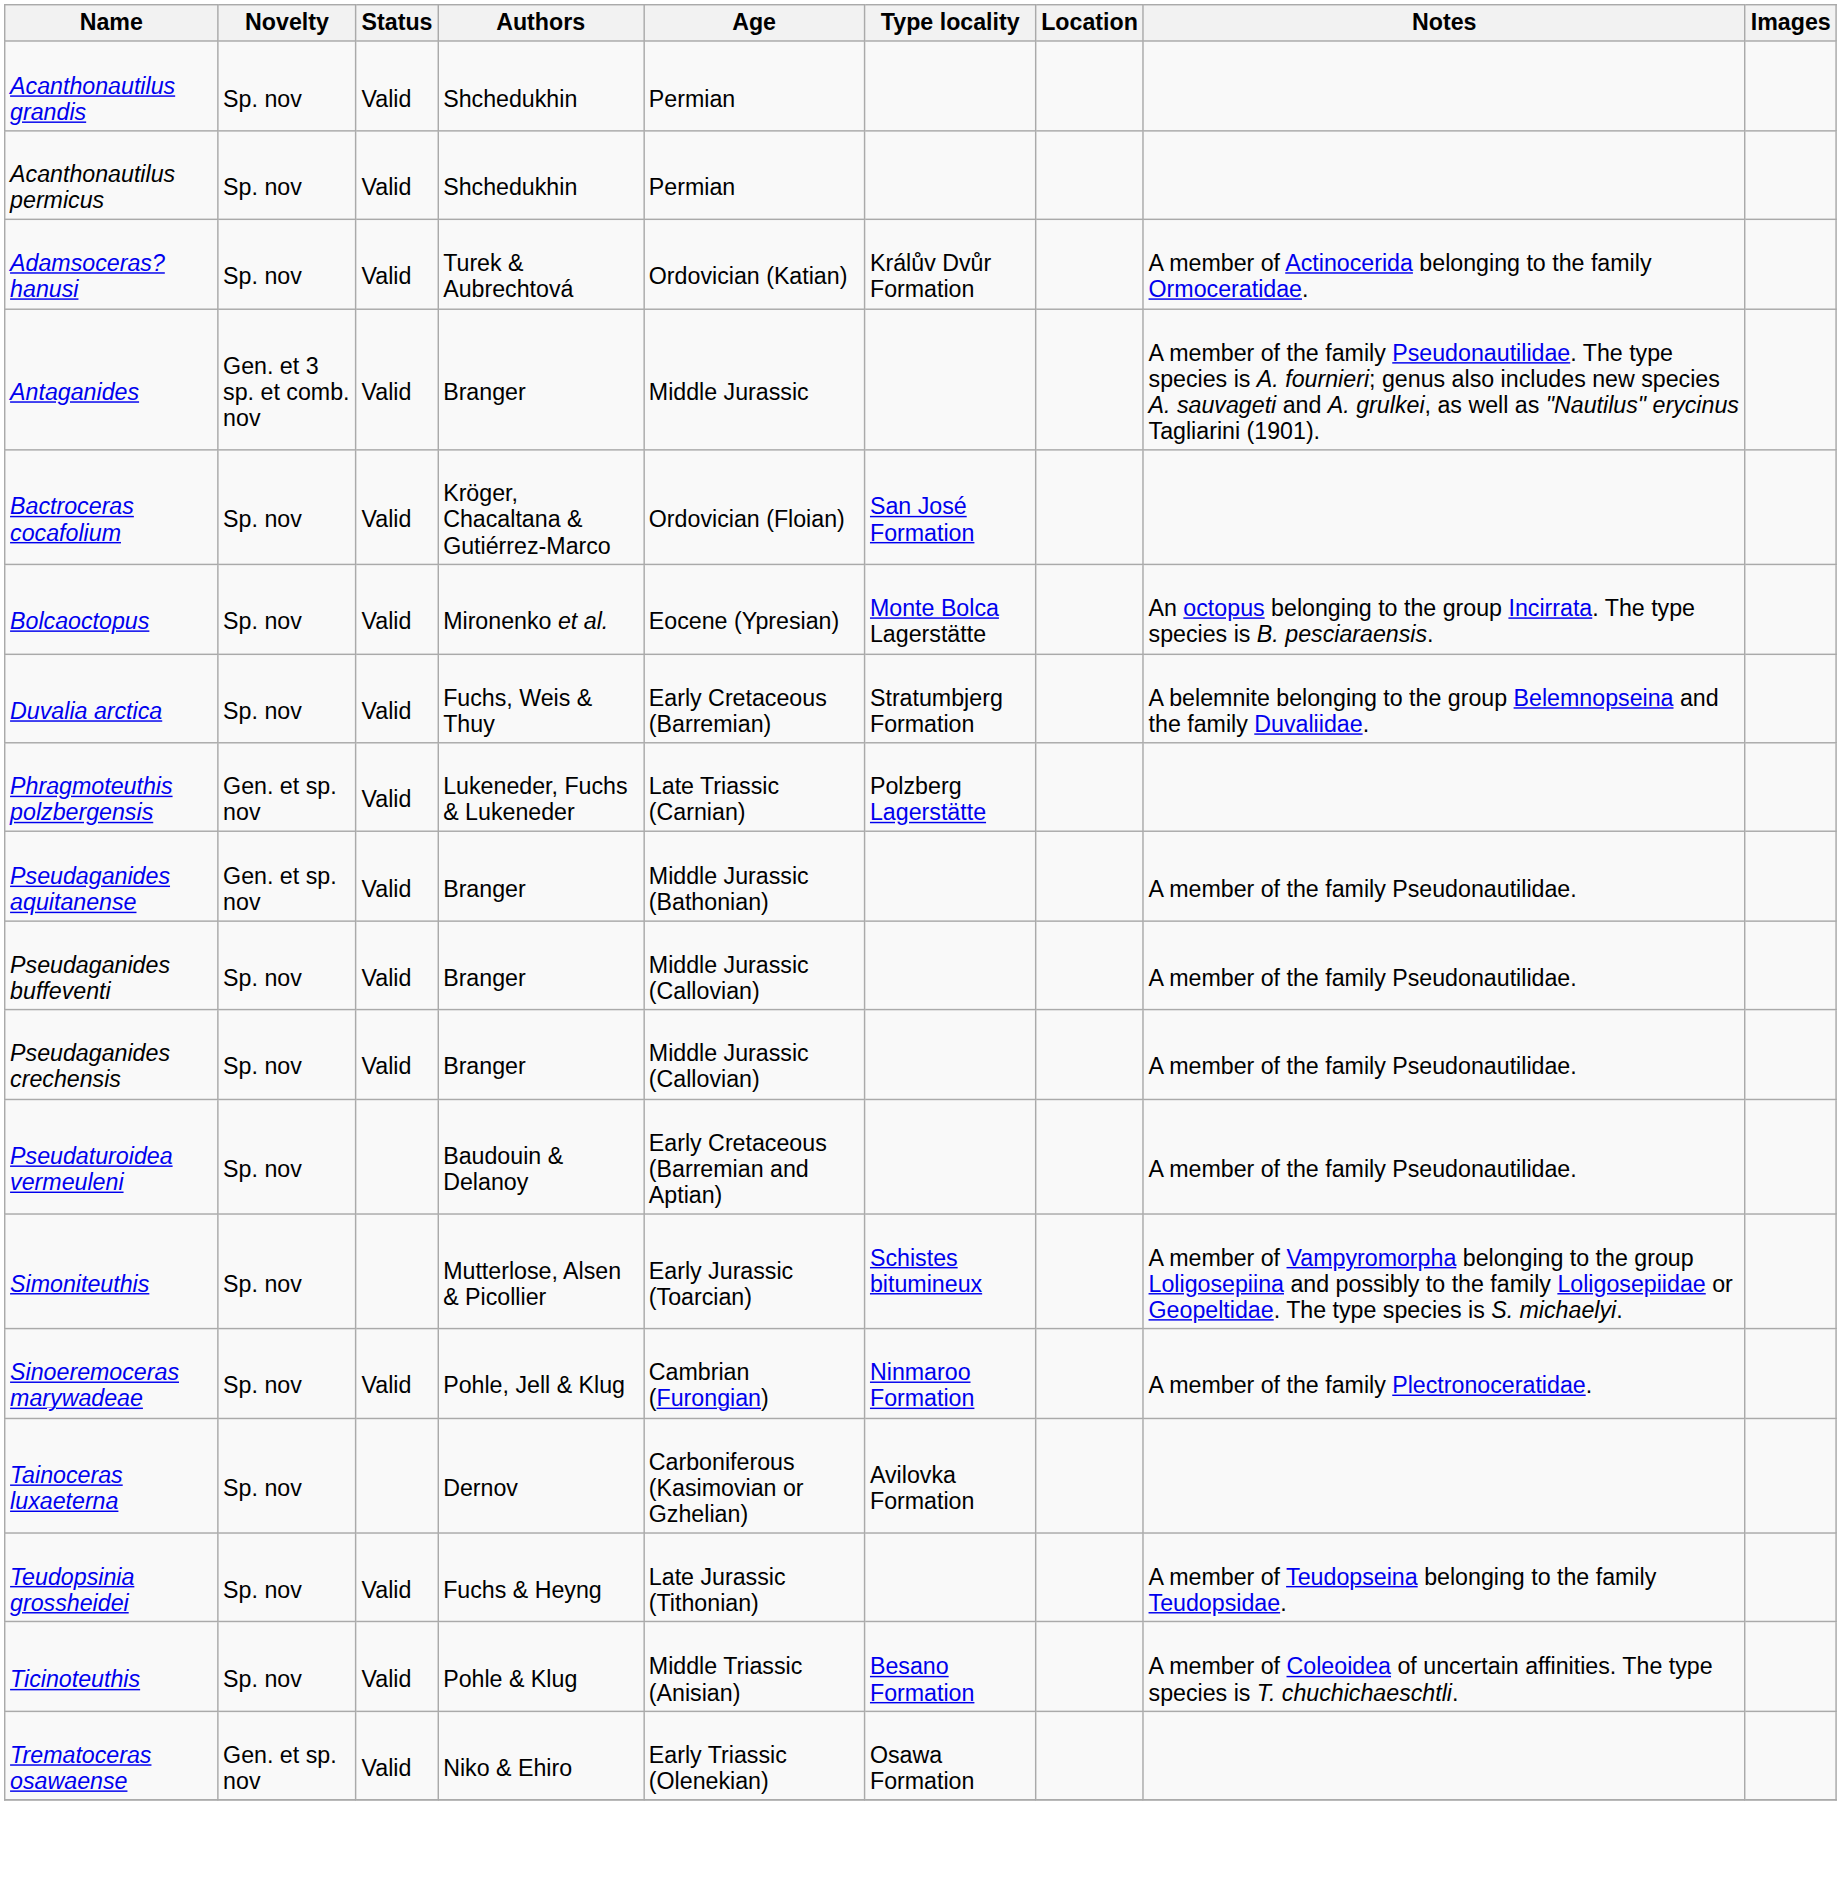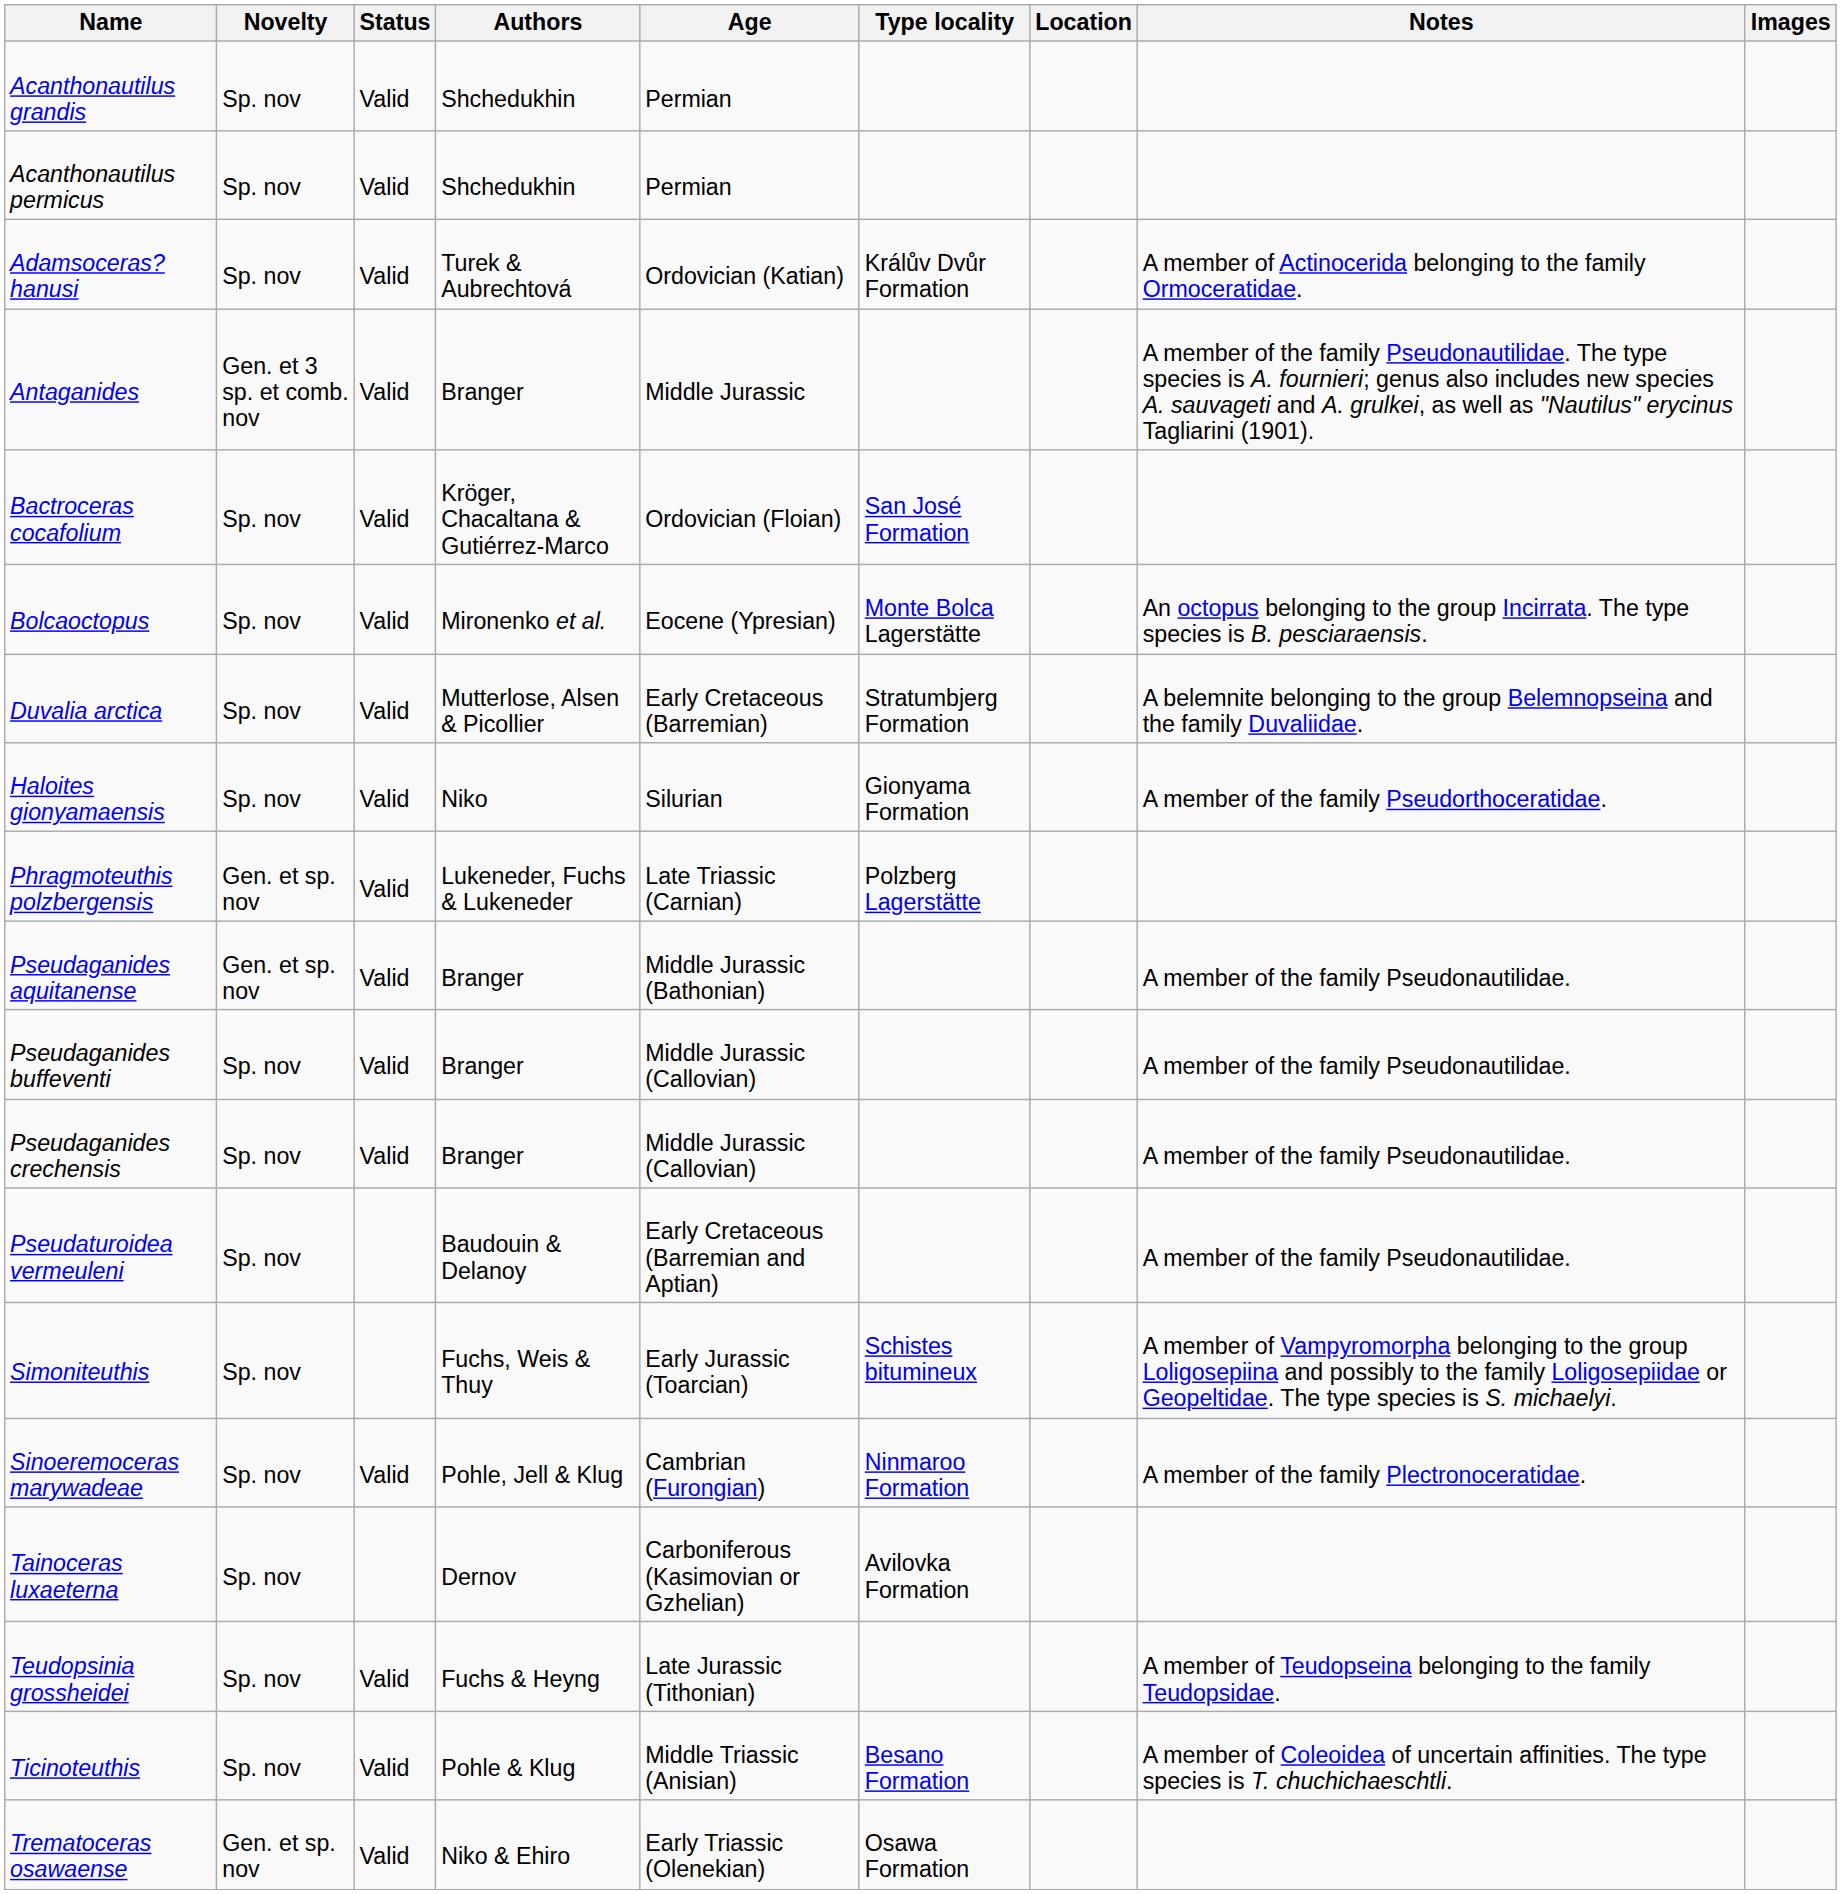 <table class="wikitable sortable" align="center" width="100%">
 <tr>
 <th>Name</th>
 <th>Novelty</th>
 <th>Status</th>
 <th>Authors</th>
 <th>Age</th>
 <th>Type locality</th>
 <th>Location</th>
 <th>Notes</th>
 <th>Images</th>
 </tr>
 <tr>
 <td><br><em><a href='#'>Acanthonautilus grandis</a></em></td>
 <td><br>Sp. nov</td>
 <td><br>Valid</td>
 <td><br>Shchedukhin</td>
 <td><br>Permian</td>
 <td></td>
 <td><br></td>
 <td></td>
 <td></td>
 </tr>
 <tr>
 <td><br><em>Acanthonautilus permicus</em></td>
 <td><br>Sp. nov</td>
 <td><br>Valid</td>
 <td><br>Shchedukhin</td>
 <td><br>Permian</td>
 <td></td>
 <td><br></td>
 <td></td>
 <td></td>
 </tr>
 <tr>
 <td><br><em><a href='#'>Adamsoceras? hanusi</a></em></td>
 <td><br>Sp. nov</td>
 <td><br>Valid</td>
 <td><br>Turek & Aubrechtová</td>
 <td><br>Ordovician (Katian)</td>
 <td><br>Králův Dvůr Formation</td>
 <td><br></td>
 <td><br>A member of <a href='#'>Actinocerida</a> belonging to the family <a href='#'>Ormoceratidae</a>.</td>
 <td></td>
 </tr>
 <tr>
 <td><br><em><a href='#'>Antaganides</a></em></td>
 <td><br>Gen. et 3 sp. et comb. nov</td>
 <td><br>Valid</td>
 <td><br>Branger</td>
 <td><br>Middle Jurassic</td>
 <td></td>
 <td><br><br> </td>
 <td><br>A member of the family <a href='#'>Pseudonautilidae</a>. The type species is <em>A. fournieri</em>; genus also includes new species <em>A. sauvageti</em> and <em>A. grulkei</em>, as well as <em>"Nautilus" erycinus</em> Tagliarini (1901).</td>
 <td></td>
 </tr>
 <tr>
 <td><br><em><a href='#'>Bactroceras cocafolium</a></em></td>
 <td><br>Sp. nov</td>
 <td><br>Valid</td>
 <td><br>Kröger, Chacaltana & Gutiérrez-Marco</td>
 <td><br>Ordovician (Floian)</td>
 <td><br><a href='#'>San José Formation</a></td>
 <td><br></td>
 <td></td>
 <td></td>
 </tr>
 <tr>
 <td><br><em><a href='#'>Bolcaoctopus</a></em></td>
 <td><br>Sp. nov</td>
 <td><br>Valid</td>
 <td><br>Mironenko <em>et al.</em></td>
 <td><br>Eocene (Ypresian)</td>
 <td><br><a href='#'>Monte Bolca</a> Lagerstätte</td>
 <td><br></td>
 <td><br>An <a href='#'>octopus</a> belonging to the group <a href='#'>Incirrata</a>. The type species is <em>B. pesciaraensis</em>.</td>
 <td></td>
 </tr>
 <tr>
 <td><br><em><a href='#'>Duvalia arctica</a></em></td>
 <td><br>Sp. nov</td>
 <td><br>Valid</td>
-<td><br>Fuchs, Weis & Thuy</td>
+<td><br>Mutterlose, Alsen & Picollier</td>
 <td><br>Early Cretaceous (Barremian)</td>
 <td><br>Stratumbjerg Formation</td>
 <td><br></td>
 <td><br>A belemnite belonging to the group <a href='#'>Belemnopseina</a> and the family <a href='#'>Duvaliidae</a>.</td>
+<td></td>
+</tr>
+<tr>
+<td><br><em><a href='#'>Haloites gionyamaensis</a></em></td>
+<td><br>Sp. nov</td>
+<td><br>Valid</td>
+<td><br>Niko</td>
+<td><br>Silurian</td>
+<td><br>Gionyama Formation</td>
+<td><br></td>
+<td><br>A member of the family <a href='#'>Pseudorthoceratidae</a>.</td>
 <td></td>
 </tr>
 <tr>
 <td><br><em><a href='#'>Phragmoteuthis polzbergensis</a></em></td>
 <td><br>Gen. et sp. nov</td>
 <td><br>Valid</td>
 <td><br>Lukeneder, Fuchs & Lukeneder</td>
 <td><br>Late Triassic (Carnian)</td>
 <td><br>Polzberg <a href='#'>Lagerstätte</a></td>
 <td><br></td>
 <td></td>
 <td></td>
 </tr>
 <tr>
 <td><br><em><a href='#'>Pseudaganides aquitanense</a></em></td>
 <td><br>Gen. et sp. nov</td>
 <td><br>Valid</td>
 <td><br>Branger</td>
 <td><br>Middle Jurassic (Bathonian)</td>
 <td></td>
 <td><br></td>
 <td><br>A member of the family Pseudonautilidae.</td>
 <td></td>
 </tr>
 <tr>
 <td><br><em>Pseudaganides buffeventi</em></td>
 <td><br>Sp. nov</td>
 <td><br>Valid</td>
 <td><br>Branger</td>
 <td><br>Middle Jurassic (Callovian)</td>
 <td></td>
 <td><br></td>
 <td><br>A member of the family Pseudonautilidae.</td>
 <td></td>
 </tr>
 <tr>
 <td><br><em>Pseudaganides crechensis</em></td>
 <td><br>Sp. nov</td>
 <td><br>Valid</td>
 <td><br>Branger</td>
 <td><br>Middle Jurassic (Callovian)</td>
 <td></td>
 <td><br></td>
 <td><br>A member of the family Pseudonautilidae.</td>
 <td></td>
 </tr>
 <tr>
 <td><br><em><a href='#'>Pseudaturoidea vermeuleni</a></em></td>
 <td><br>Sp. nov</td>
 <td></td>
 <td><br>Baudouin & Delanoy</td>
 <td><br>Early Cretaceous (Barremian and Aptian)</td>
 <td></td>
 <td><br></td>
 <td><br>A member of the family Pseudonautilidae.</td>
 <td></td>
 </tr>
 <tr>
 <td><br><em><a href='#'>Simoniteuthis</a></em></td>
 <td><br>Sp. nov</td>
 <td></td>
-<td><br>Mutterlose, Alsen & Picollier</td>
+<td><br>Fuchs, Weis & Thuy</td>
 <td><br>Early Jurassic (Toarcian)</td>
 <td><a href='#'>Schistes bitumineux</a></td>
 <td><br></td>
 <td><br>A member of <a href='#'>Vampyromorpha</a> belonging to the group <a href='#'>Loligosepiina</a> and possibly to the family <a href='#'>Loligosepiidae</a> or <a href='#'>Geopeltidae</a>. The type species is <em>S. michaelyi</em>.</td>
 <td></td>
 </tr>
 <tr>
 <td><br><em><a href='#'>Sinoeremoceras marywadeae</a></em></td>
 <td><br>Sp. nov</td>
 <td><br>Valid</td>
 <td><br>Pohle, Jell & Klug</td>
 <td><br>Cambrian (<a href='#'>Furongian</a>)</td>
 <td><br><a href='#'>Ninmaroo Formation</a></td>
 <td><br></td>
 <td><br>A member of the family <a href='#'>Plectronoceratidae</a>.</td>
 <td></td>
 </tr>
 <tr>
 <td><br><em><a href='#'>Tainoceras luxaeterna</a></em></td>
 <td><br>Sp. nov</td>
 <td></td>
 <td><br>Dernov</td>
 <td><br>Carboniferous (Kasimovian or Gzhelian)</td>
 <td><br>Avilovka Formation</td>
 <td><br></td>
 <td></td>
 <td></td>
 </tr>
 <tr>
 <td><br><em><a href='#'>Teudopsinia grossheidei</a></em></td>
 <td><br>Sp. nov</td>
 <td><br>Valid</td>
 <td><br>Fuchs & Heyng</td>
 <td><br>Late Jurassic (Tithonian)</td>
 <td></td>
 <td><br></td>
 <td><br>A member of <a href='#'>Teudopseina</a> belonging to the family <a href='#'>Teudopsidae</a>.</td>
 <td></td>
 </tr>
 <tr>
 <td><br><em><a href='#'>Ticinoteuthis</a></em></td>
 <td><br>Sp. nov</td>
 <td><br>Valid</td>
 <td><br>Pohle & Klug</td>
 <td><br>Middle Triassic (Anisian)</td>
 <td><br><a href='#'>Besano Formation</a></td>
 <td><br></td>
 <td><br>A member of <a href='#'>Coleoidea</a> of uncertain affinities. The type species is <em>T. chuchichaeschtli</em>.</td>
 <td></td>
 </tr>
 <tr>
 <td><br><em><a href='#'>Trematoceras osawaense</a></em></td>
 <td><br>Gen. et sp. nov</td>
 <td><br>Valid</td>
 <td><br>Niko & Ehiro</td>
 <td><br>Early Triassic (Olenekian)</td>
 <td><br>Osawa Formation</td>
 <td><br></td>
 <td></td>
 <td></td>
 </tr>
 <tr>
 </tr>
 </table>
